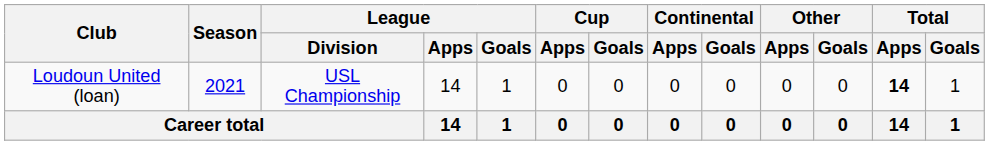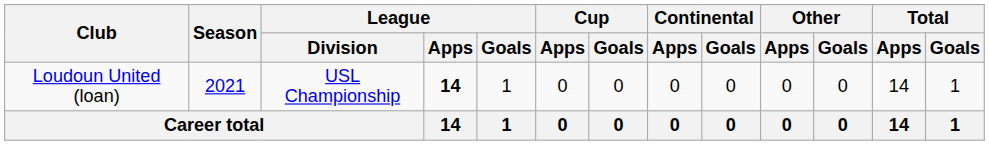 <table class="wikitable" style="text-align: center">
 <tr>
 <th rowspan="2">Club</th>
 <th rowspan="2">Season</th>
 <th colspan="3">League</th>
 <th colspan="2">Cup</th>
 <th colspan="2">Continental</th>
 <th colspan="2">Other</th>
 <th colspan="2">Total</th>
 </tr>
 <tr>
 <th>Division</th>
 <th>Apps</th>
 <th>Goals</th>
 <th>Apps</th>
 <th>Goals</th>
 <th>Apps</th>
 <th>Goals</th>
 <th>Apps</th>
 <th>Goals</th>
 <th>Apps</th>
 <th>Goals</th>
 </tr>
 <tr>
 <td><a href='#'>Loudoun United</a> (loan)</td>
 <td><a href='#'>2021</a></td>
 <td><a href='#'>USL Championship</a></td>
-<td>14</td>
+<td><strong>14</strong></td>
 <td>1</td>
 <td>0</td>
 <td>0</td>
 <td>0</td>
 <td>0</td>
 <td>0</td>
 <td>0</td>
-<td><strong>14</strong></td>
+<td>14</td>
 <td>1</td>
 </tr>
 <tr>
 <th colspan="3"><strong>Career total</strong></th>
 <th>14</th>
 <th>1</th>
 <th>0</th>
 <th>0</th>
 <th>0</th>
 <th>0</th>
 <th>0</th>
 <th>0</th>
 <th>14</th>
 <th>1</th>
 </tr>
 </table>
